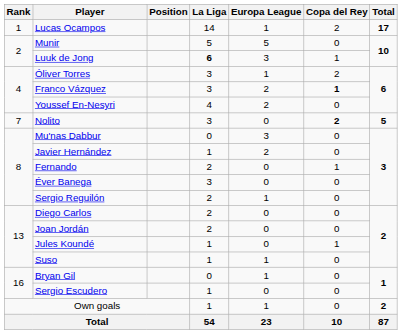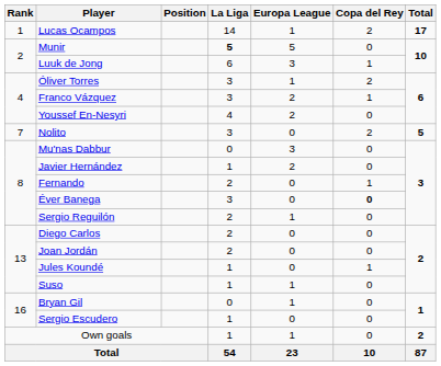 <table class="wikitable">
 <tr>
 <th>Rank</th>
 <th style="width:180px;">Player</th>
 <th>Position</th>
 <th>La Liga</th>
 <th>Europa League</th>
 <th>Copa del Rey</th>
 <th>Total</th>
 </tr>
 <tr>
 <td align=center>1</td>
 <td> <a href='#'>Lucas Ocampos</a></td>
 <td align=center></td>
 <td align=center>14</td>
 <td align=center>1</td>
 <td align=center>2</td>
 <td align=center><strong>17</strong></td>
 </tr>
 <tr>
 <td align=center rowspan=2>2</td>
 <td> <a href='#'>Munir</a></td>
 <td align=center></td>
-<td align=center>5</td>
+<td align=center><strong>5</strong></td>
 <td align=center>5</td>
 <td align=center>0</td>
 <td align=center rowspan=2><strong>10</strong></td>
 </tr>
 <tr>
 <td> <a href='#'>Luuk de Jong</a></td>
 <td align=center></td>
-<td align=center><strong>6</strong></td>
+<td align=center>6</td>
 <td align=center>3</td>
 <td align=center>1</td>
 </tr>
 <tr>
 <td align=center rowspan=3>4</td>
 <td> <a href='#'>Óliver Torres</a></td>
 <td align=center></td>
 <td align=center>3</td>
 <td align=center>1</td>
 <td align=center>2</td>
 <td align=center rowspan=3><strong>6</strong></td>
 </tr>
 <tr>
 <td> <a href='#'>Franco Vázquez</a></td>
 <td align=center></td>
 <td align=center>3</td>
 <td align=center>2</td>
-<td align=center><strong>1</strong></td>
+<td align=center>1</td>
 </tr>
 <tr>
 <td> <a href='#'>Youssef En-Nesyri</a></td>
 <td align=center></td>
 <td align=center>4</td>
 <td align=center>2</td>
 <td align=center>0</td>
 </tr>
 <tr>
 <td align=center>7</td>
 <td> <a href='#'>Nolito</a></td>
 <td align=center></td>
 <td align=center>3</td>
 <td align=center>0</td>
-<td align=center><strong>2</strong></td>
+<td align=center>2</td>
 <td align=center><strong>5</strong></td>
 </tr>
 <tr>
 <td align=center rowspan=5>8</td>
 <td> <a href='#'>Mu'nas Dabbur</a></td>
 <td align=center></td>
 <td align=center>0</td>
 <td align=center>3</td>
 <td align=center>0</td>
 <td align=center rowspan=5><strong>3</strong></td>
 </tr>
 <tr>
 <td> <a href='#'>Javier Hernández</a></td>
 <td align=center></td>
 <td align=center>1</td>
 <td align=center>2</td>
 <td align=center>0</td>
 </tr>
 <tr>
 <td> <a href='#'>Fernando</a></td>
 <td align=center></td>
 <td align=center>2</td>
 <td align=center>0</td>
 <td align=center>1</td>
 </tr>
 <tr>
 <td> <a href='#'>Éver Banega</a></td>
 <td align=center></td>
 <td align=center>3</td>
 <td align=center>0</td>
-<td align=center>0</td>
+<td align=center><strong>0</strong></td>
 </tr>
 <tr>
 <td> <a href='#'>Sergio Reguilón</a></td>
 <td align=center></td>
 <td align=center>2</td>
 <td align=center>1</td>
 <td align=center>0</td>
 </tr>
 <tr>
 <td align=center rowspan=4>13</td>
 <td> <a href='#'>Diego Carlos</a></td>
 <td align=center></td>
 <td align=center>2</td>
 <td align=center>0</td>
 <td align=center>0</td>
 <td align=center rowspan=4><strong>2</strong></td>
 </tr>
 <tr>
 <td> <a href='#'>Joan Jordán</a></td>
 <td align=center></td>
 <td align=center>2</td>
 <td align=center>0</td>
 <td align=center>0</td>
 </tr>
 <tr>
 <td> <a href='#'>Jules Koundé</a></td>
 <td align=center></td>
 <td align=center>1</td>
 <td align=center>0</td>
 <td align=center>1</td>
 </tr>
 <tr>
 <td> <a href='#'>Suso</a></td>
 <td align=center></td>
 <td align=center>1</td>
 <td align=center>1</td>
 <td align=center>0</td>
 </tr>
 <tr>
 <td align=center rowspan=2>16</td>
 <td> <a href='#'>Bryan Gil</a></td>
 <td align=center></td>
 <td align=center>0</td>
 <td align=center>1</td>
 <td align=center>0</td>
 <td align=center rowspan=2><strong>1</strong></td>
 </tr>
 <tr>
 <td> <a href='#'>Sergio Escudero</a></td>
 <td align=center></td>
 <td align=center>1</td>
 <td align=center>0</td>
 <td align=center>0</td>
 </tr>
 <tr>
 <td colspan=3 align=center>Own goals</td>
 <td align=center>1</td>
 <td align=center>1</td>
 <td align=center>0</td>
 <td align=center><strong>2</strong></td>
 </tr>
 <tr>
 <th align=center colspan=3>Total</th>
 <th align=center>54</th>
 <th align=center>23</th>
 <th align=center>10</th>
 <th align=center>87</th>
 </tr>
 </table>
